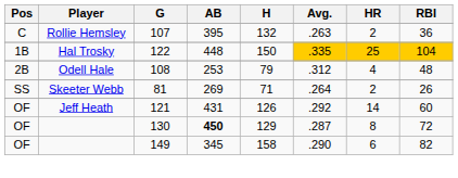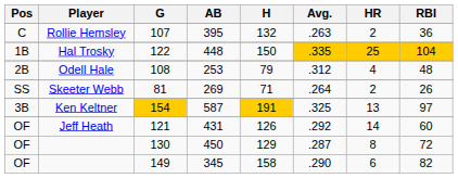 <table class="wikitable sortable">
 <tr>
 <th bgcolor="#DDDDFF" width="5%">Pos</th>
 <th bgcolor="#DDDDFF" width="16%">Player</th>
 <th bgcolor="#DDDDFF" width="9%">G</th>
 <th bgcolor="#DDDDFF" width="9%">AB</th>
 <th bgcolor="#DDDDFF" width="9%">H</th>
 <th bgcolor="#DDDDFF" width="9%">Avg.</th>
 <th bgcolor="#DDDDFF" width="9%">HR</th>
 <th bgcolor="#DDDDFF" width="9%">RBI</th>
 </tr>
 <tr>
 </tr>
 <tr align="center">
 <td>C</td>
 <td><a href='#'>Rollie Hemsley</a></td>
 <td>107</td>
 <td>395</td>
 <td>132</td>
 <td>.263</td>
 <td>2</td>
 <td>36</td>
 </tr>
 <tr>
 </tr>
 <tr align="center">
 <td>1B</td>
 <td><a href='#'>Hal Trosky</a></td>
 <td>122</td>
 <td>448</td>
 <td>150</td>
 <td style="background:#fc0;">.335</td>
 <td style="background:#fc0;">25</td>
 <td style="background:#fc0;">104</td>
 </tr>
 <tr>
 </tr>
 <tr align="center">
 <td>2B</td>
 <td><a href='#'>Odell Hale</a></td>
 <td>108</td>
 <td>253</td>
 <td>79</td>
 <td>.312</td>
 <td>4</td>
 <td>48</td>
 </tr>
 <tr>
 </tr>
 <tr align="center">
 <td>SS</td>
 <td><a href='#'>Skeeter Webb</a></td>
 <td>81</td>
 <td>269</td>
 <td>71</td>
 <td>.264</td>
 <td>2</td>
 <td>26</td>
 </tr>
 <tr>
 </tr>
+<tr align="center">
+<td>3B</td>
+<td><a href='#'>Ken Keltner</a></td>
+<td style="background:#fc0;">154</td>
+<td>587</td>
+<td style="background:#fc0;">191</td>
+<td>.325</td>
+<td>13</td>
+<td>97</td>
+</tr>
 <tr>
 </tr>
 <tr align="center">
 <td>OF</td>
 <td><a href='#'>Jeff Heath</a></td>
 <td>121</td>
 <td>431</td>
 <td>126</td>
 <td>.292</td>
 <td>14</td>
 <td>60</td>
 </tr>
 <tr align="center">
 <td>OF</td>
 <td></td>
 <td>130</td>
-<td><strong>450</strong></td>
+<td>450</td>
 <td>129</td>
 <td>.287</td>
 <td>8</td>
 <td>72</td>
 </tr>
 <tr align="center">
 <td>OF</td>
 <td></td>
 <td>149</td>
 <td>345</td>
 <td>158</td>
 <td>.290</td>
 <td>6</td>
 <td>82</td>
 </tr>
 </table>
